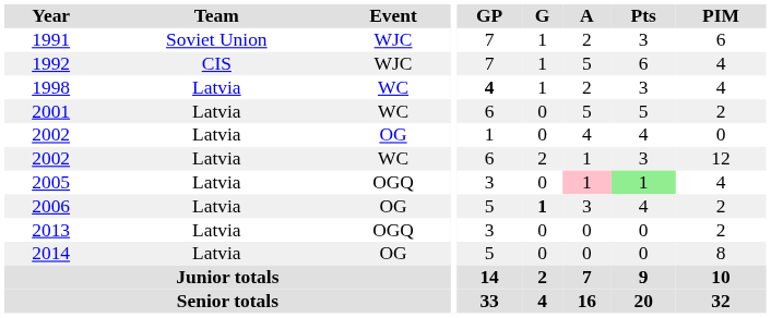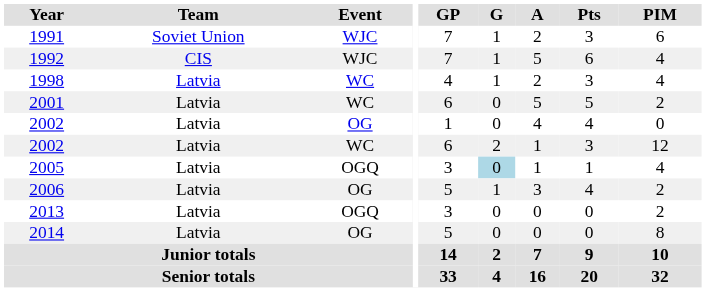 <table border="0" cellpadding="1" cellspacing="0" style="text-align:center; width:40em;">
 <tr bgcolor="#e0e0e0">
 <th>Year</th>
 <th>Team</th>
 <th>Event</th>
 <th rowspan="99" bgcolor="#ffffff"></th>
 <th>GP</th>
 <th>G</th>
 <th>A</th>
 <th>Pts</th>
 <th>PIM</th>
 </tr>
 <tr>
 <td><a href='#'>1991</a></td>
 <td><a href='#'>Soviet Union</a></td>
 <td><a href='#'>WJC</a></td>
 <td>7</td>
 <td>1</td>
 <td>2</td>
 <td>3</td>
 <td>6</td>
 </tr>
 <tr bgcolor="#f0f0f0">
 <td><a href='#'>1992</a></td>
 <td><a href='#'>CIS</a></td>
 <td>WJC</td>
 <td>7</td>
 <td>1</td>
 <td>5</td>
 <td>6</td>
 <td>4</td>
 </tr>
 <tr>
 <td><a href='#'>1998</a></td>
 <td><a href='#'>Latvia</a></td>
 <td><a href='#'>WC</a></td>
-<td><strong>4</strong></td>
+<td>4</td>
 <td>1</td>
 <td>2</td>
 <td>3</td>
 <td>4</td>
 </tr>
 <tr bgcolor="#f0f0f0">
 <td><a href='#'>2001</a></td>
 <td>Latvia</td>
 <td>WC</td>
 <td>6</td>
 <td>0</td>
 <td>5</td>
 <td>5</td>
 <td>2</td>
 </tr>
 <tr>
 <td><a href='#'>2002</a></td>
 <td>Latvia</td>
 <td><a href='#'>OG</a></td>
 <td>1</td>
 <td>0</td>
 <td>4</td>
 <td>4</td>
 <td>0</td>
 </tr>
 <tr bgcolor="#f0f0f0">
 <td><a href='#'>2002</a></td>
 <td>Latvia</td>
 <td>WC</td>
 <td>6</td>
 <td>2</td>
 <td>1</td>
 <td>3</td>
 <td>12</td>
 </tr>
 <tr>
 <td><a href='#'>2005</a></td>
 <td>Latvia</td>
 <td>OGQ</td>
 <td>3</td>
-<td>0</td>
-<td style="background: pink;">1</td>
-<td style="background: lightgreen;">1</td>
+<td style="background: lightblue;">0</td>
+<td>1</td>
+<td>1</td>
 <td>4</td>
 </tr>
 <tr bgcolor="#f0f0f0">
 <td><a href='#'>2006</a></td>
 <td>Latvia</td>
 <td>OG</td>
 <td>5</td>
-<td><strong>1</strong></td>
+<td>1</td>
 <td>3</td>
 <td>4</td>
 <td>2</td>
 </tr>
 <tr>
 <td><a href='#'>2013</a></td>
 <td>Latvia</td>
 <td>OGQ</td>
 <td>3</td>
 <td>0</td>
 <td>0</td>
 <td>0</td>
 <td>2</td>
 </tr>
 <tr bgcolor="#f0f0f0">
 <td><a href='#'>2014</a></td>
 <td>Latvia</td>
 <td>OG</td>
 <td>5</td>
 <td>0</td>
 <td>0</td>
 <td>0</td>
 <td>8</td>
 </tr>
 <tr bgcolor="#e0e0e0">
 <th colspan="3">Junior totals</th>
 <th>14</th>
 <th>2</th>
 <th>7</th>
 <th>9</th>
 <th>10</th>
 </tr>
 <tr bgcolor="#e0e0e0">
 <th colspan="3">Senior totals</th>
 <th>33</th>
 <th>4</th>
 <th>16</th>
 <th>20</th>
 <th>32</th>
 </tr>
 </table>
